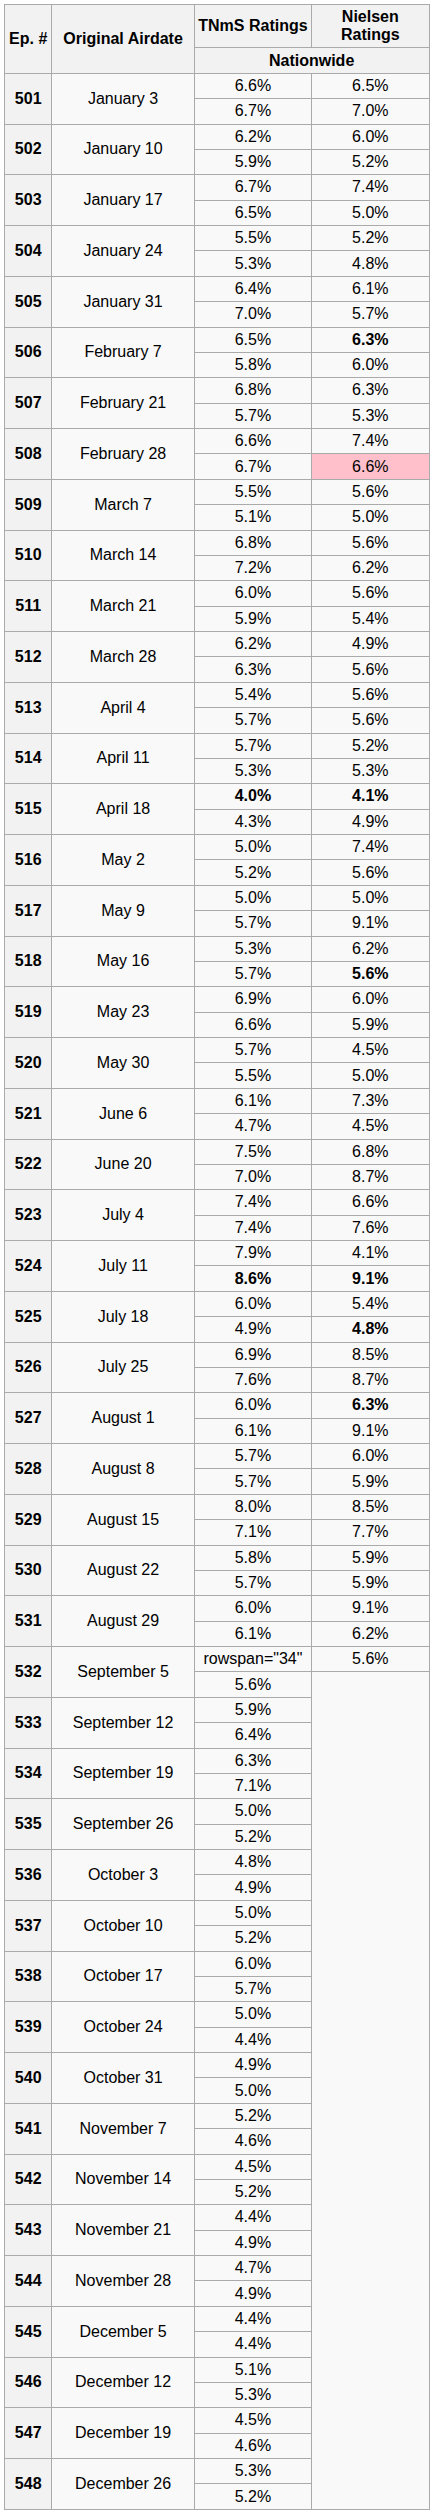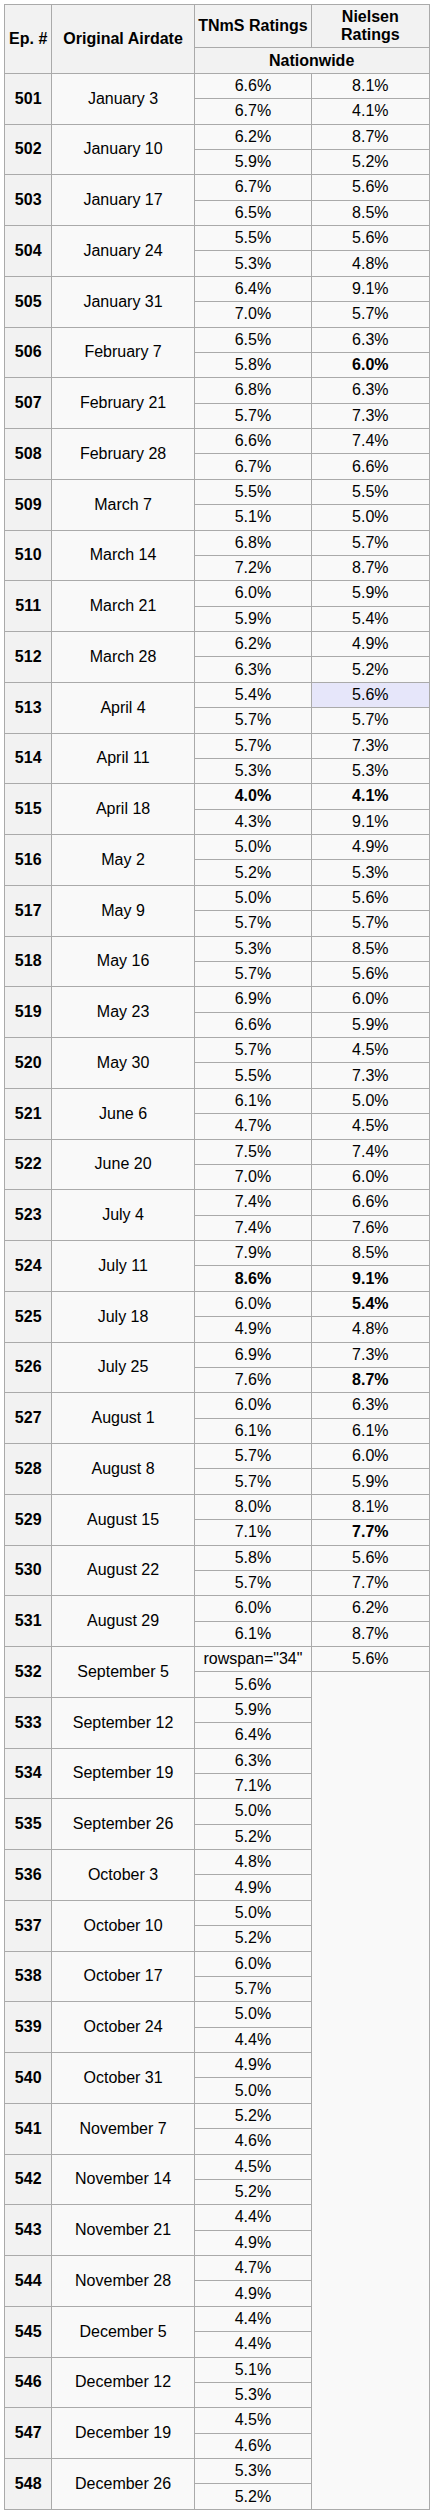 <table class="wikitable" style="text-align:center;">
 <tr>
 <th rowspan="2" style="width:40px;">Ep. #</th>
 <th rowspan="2" style="width:135px;">Original Airdate</th>
 <th width=110><strong>TNmS Ratings</strong></th>
 <th width=110><strong>Nielsen Ratings</strong></th>
 </tr>
 <tr>
 <th colspan="2"><strong>Nationwide</strong></th>
 </tr>
 <tr>
 <th rowspan="2">501</th>
 <td rowspan="2">January 3</td>
 <td>6.6%</td>
-<td>6.5%</td>
+<td>8.1%</td>
 </tr>
 <tr>
 <td>6.7%</td>
-<td>7.0%</td>
+<td>4.1%</td>
 </tr>
 <tr>
 <th rowspan="2">502</th>
 <td rowspan="2">January 10</td>
 <td>6.2%</td>
-<td>6.0%</td>
+<td>8.7%</td>
 </tr>
 <tr>
 <td>5.9%</td>
 <td>5.2%</td>
 </tr>
 <tr>
 <th rowspan="2">503</th>
 <td rowspan="2">January 17</td>
 <td>6.7%</td>
-<td>7.4%</td>
+<td>5.6%</td>
 </tr>
 <tr>
 <td>6.5%</td>
-<td>5.0%</td>
+<td>8.5%</td>
 </tr>
 <tr>
 <th rowspan="2">504</th>
 <td rowspan="2">January 24</td>
 <td>5.5%</td>
-<td>5.2%</td>
+<td>5.6%</td>
 </tr>
 <tr>
 <td>5.3%</td>
 <td>4.8%</td>
 </tr>
 <tr>
 <th rowspan="2">505</th>
 <td rowspan="2">January 31</td>
 <td>6.4%</td>
-<td>6.1%</td>
+<td>9.1%</td>
 </tr>
 <tr>
 <td>7.0%</td>
 <td>5.7%</td>
 </tr>
 <tr>
 <th rowspan="2">506</th>
 <td rowspan="2">February 7</td>
 <td>6.5%</td>
-<td><strong>6.3%</strong></td>
+<td>6.3%</td>
 </tr>
 <tr>
 <td>5.8%</td>
-<td>6.0%</td>
+<td><strong>6.0%</strong></td>
 </tr>
 <tr>
 <th rowspan="2">507</th>
 <td rowspan="2">February 21</td>
 <td>6.8%</td>
 <td>6.3%</td>
 </tr>
 <tr>
 <td>5.7%</td>
-<td>5.3%</td>
+<td>7.3%</td>
 </tr>
 <tr>
 <th rowspan="2">508</th>
 <td rowspan="2">February 28</td>
 <td>6.6%</td>
 <td>7.4%</td>
 </tr>
 <tr>
 <td>6.7%</td>
-<td style="background: pink;">6.6%</td>
+<td>6.6%</td>
 </tr>
 <tr>
 <th rowspan="2">509</th>
 <td rowspan="2">March 7</td>
 <td>5.5%</td>
-<td>5.6%</td>
+<td>5.5%</td>
 </tr>
 <tr>
 <td>5.1%</td>
 <td>5.0%</td>
 </tr>
 <tr>
 <th rowspan="2">510</th>
 <td rowspan="2">March 14</td>
 <td>6.8%</td>
-<td>5.6%</td>
+<td>5.7%</td>
 </tr>
 <tr>
 <td>7.2%</td>
-<td>6.2%</td>
+<td>8.7%</td>
 </tr>
 <tr>
 <th rowspan="2">511</th>
 <td rowspan="2">March 21</td>
 <td>6.0%</td>
-<td>5.6%</td>
+<td>5.9%</td>
 </tr>
 <tr>
 <td>5.9%</td>
 <td>5.4%</td>
 </tr>
 <tr>
 <th rowspan="2">512</th>
 <td rowspan="2">March 28</td>
 <td>6.2%</td>
 <td>4.9%</td>
 </tr>
 <tr>
 <td>6.3%</td>
-<td>5.6%</td>
+<td>5.2%</td>
 </tr>
 <tr>
 <th rowspan="2">513</th>
 <td rowspan="2">April 4</td>
 <td>5.4%</td>
-<td>5.6%</td>
+<td style="background: lavender;">5.6%</td>
 </tr>
 <tr>
 <td>5.7%</td>
-<td>5.6%</td>
+<td>5.7%</td>
 </tr>
 <tr>
 <th rowspan="2">514</th>
 <td rowspan="2">April 11</td>
 <td>5.7%</td>
-<td>5.2%</td>
+<td>7.3%</td>
 </tr>
 <tr>
 <td>5.3%</td>
 <td>5.3%</td>
 </tr>
 <tr>
 <th rowspan="2">515</th>
 <td rowspan="2">April 18</td>
 <td><span><strong>4.0%</strong></span></td>
 <td><span><strong>4.1%</strong></span></td>
 </tr>
 <tr>
 <td>4.3%</td>
-<td>4.9%</td>
+<td>9.1%</td>
 </tr>
 <tr>
 <th rowspan="2">516</th>
 <td rowspan="2">May 2</td>
 <td>5.0%</td>
-<td>7.4%</td>
+<td>4.9%</td>
 </tr>
 <tr>
 <td>5.2%</td>
-<td>5.6%</td>
+<td>5.3%</td>
 </tr>
 <tr>
 <th rowspan="2">517</th>
 <td rowspan="2">May 9</td>
 <td>5.0%</td>
-<td>5.0%</td>
+<td>5.6%</td>
 </tr>
 <tr>
 <td>5.7%</td>
-<td>9.1%</td>
+<td>5.7%</td>
 </tr>
 <tr>
 <th rowspan="2">518</th>
 <td rowspan="2">May 16</td>
 <td>5.3%</td>
-<td>6.2%</td>
+<td>8.5%</td>
 </tr>
 <tr>
 <td>5.7%</td>
-<td><strong>5.6%</strong></td>
+<td>5.6%</td>
 </tr>
 <tr>
 <th rowspan="2">519</th>
 <td rowspan="2">May 23</td>
 <td>6.9%</td>
 <td>6.0%</td>
 </tr>
 <tr>
 <td>6.6%</td>
 <td>5.9%</td>
 </tr>
 <tr>
 <th rowspan="2">520</th>
 <td rowspan="2">May 30</td>
 <td>5.7%</td>
 <td>4.5%</td>
 </tr>
 <tr>
 <td>5.5%</td>
-<td>5.0%</td>
+<td>7.3%</td>
 </tr>
 <tr>
 <th rowspan="2">521</th>
 <td rowspan="2">June 6</td>
 <td>6.1%</td>
-<td>7.3%</td>
+<td>5.0%</td>
 </tr>
 <tr>
 <td>4.7%</td>
 <td>4.5%</td>
 </tr>
 <tr>
 <th rowspan="2">522</th>
 <td rowspan="2">June 20</td>
 <td>7.5%</td>
-<td>6.8%</td>
+<td>7.4%</td>
 </tr>
 <tr>
 <td>7.0%</td>
-<td>8.7%</td>
+<td>6.0%</td>
 </tr>
 <tr>
 <th rowspan="2">523</th>
 <td rowspan="2">July 4</td>
 <td>7.4%</td>
 <td>6.6%</td>
 </tr>
 <tr>
 <td>7.4%</td>
 <td>7.6%</td>
 </tr>
 <tr>
 <th rowspan="2">524</th>
 <td rowspan="2">July 11</td>
 <td>7.9%</td>
-<td>4.1%</td>
+<td>8.5%</td>
 </tr>
 <tr>
 <td><span><strong>8.6%</strong></span></td>
 <td><span><strong>9.1%</strong></span></td>
 </tr>
 <tr>
 <th rowspan="2">525</th>
 <td rowspan="2">July 18</td>
 <td>6.0%</td>
-<td>5.4%</td>
+<td><strong>5.4%</strong></td>
 </tr>
 <tr>
 <td>4.9%</td>
-<td><strong>4.8%</strong></td>
+<td>4.8%</td>
 </tr>
 <tr>
 <th rowspan="2">526</th>
 <td rowspan="2">July 25</td>
 <td>6.9%</td>
-<td>8.5%</td>
+<td>7.3%</td>
 </tr>
 <tr>
 <td>7.6%</td>
-<td>8.7%</td>
+<td><strong>8.7%</strong></td>
 </tr>
 <tr>
 <th rowspan="2">527</th>
 <td rowspan="2">August 1</td>
 <td>6.0%</td>
-<td><strong>6.3%</strong></td>
+<td>6.3%</td>
 </tr>
 <tr>
 <td>6.1%</td>
-<td>9.1%</td>
+<td>6.1%</td>
 </tr>
 <tr>
 <th rowspan="2">528</th>
 <td rowspan="2">August 8</td>
 <td>5.7%</td>
 <td>6.0%</td>
 </tr>
 <tr>
 <td>5.7%</td>
 <td>5.9%</td>
 </tr>
 <tr>
 <th rowspan="2">529</th>
 <td rowspan="2">August 15</td>
 <td>8.0%</td>
-<td>8.5%</td>
+<td>8.1%</td>
 </tr>
 <tr>
 <td>7.1%</td>
-<td>7.7%</td>
+<td><strong>7.7%</strong></td>
 </tr>
 <tr>
 <th rowspan="2">530</th>
 <td rowspan="2">August 22</td>
 <td>5.8%</td>
-<td>5.9%</td>
+<td>5.6%</td>
 </tr>
 <tr>
 <td>5.7%</td>
-<td>5.9%</td>
+<td>7.7%</td>
 </tr>
 <tr>
 <th rowspan="2">531</th>
 <td rowspan="2">August 29</td>
 <td>6.0%</td>
-<td>9.1%</td>
+<td>6.2%</td>
 </tr>
 <tr>
 <td>6.1%</td>
-<td>6.2%</td>
+<td>8.7%</td>
 </tr>
 <tr>
 <th rowspan="2">532</th>
 <td rowspan="2">September 5</td>
 <td>rowspan="34" </td>
 <td>5.6%</td>
 </tr>
 <tr>
 <td>5.6%</td>
 </tr>
 <tr>
 <th rowspan="2">533</th>
 <td rowspan="2">September 12</td>
 <td>5.9%</td>
 </tr>
 <tr>
 <td>6.4%</td>
 </tr>
 <tr>
 <th rowspan="2">534</th>
 <td rowspan="2">September 19</td>
 <td>6.3%</td>
 </tr>
 <tr>
 <td>7.1%</td>
 </tr>
 <tr>
 <th rowspan="2">535</th>
 <td rowspan="2">September 26</td>
 <td>5.0%</td>
 </tr>
 <tr>
 <td>5.2%</td>
 </tr>
 <tr>
 <th rowspan="2">536</th>
 <td rowspan="2">October 3</td>
 <td>4.8%</td>
 </tr>
 <tr>
 <td>4.9%</td>
 </tr>
 <tr>
 <th rowspan="2">537</th>
 <td rowspan="2">October 10</td>
 <td>5.0%</td>
 </tr>
 <tr>
 <td>5.2%</td>
 </tr>
 <tr>
 <th rowspan="2">538</th>
 <td rowspan="2">October 17</td>
 <td>6.0%</td>
 </tr>
 <tr>
 <td>5.7%</td>
 </tr>
 <tr>
 <th rowspan="2">539</th>
 <td rowspan="2">October 24</td>
 <td>5.0%</td>
 </tr>
 <tr>
 <td>4.4%</td>
 </tr>
 <tr>
 <th rowspan="2">540</th>
 <td rowspan="2">October 31</td>
 <td>4.9%</td>
 </tr>
 <tr>
 <td>5.0%</td>
 </tr>
 <tr>
 <th rowspan="2">541</th>
 <td rowspan="2">November 7</td>
 <td>5.2%</td>
 </tr>
 <tr>
 <td>4.6%</td>
 </tr>
 <tr>
 <th rowspan="2">542</th>
 <td rowspan="2">November 14</td>
 <td>4.5%</td>
 </tr>
 <tr>
 <td>5.2%</td>
 </tr>
 <tr>
 <th rowspan="2">543</th>
 <td rowspan="2">November 21</td>
 <td>4.4%</td>
 </tr>
 <tr>
 <td>4.9%</td>
 </tr>
 <tr>
 <th rowspan="2">544</th>
 <td rowspan="2">November 28</td>
 <td>4.7%</td>
 </tr>
 <tr>
 <td>4.9%</td>
 </tr>
 <tr>
 <th rowspan="2">545</th>
 <td rowspan="2">December 5</td>
 <td>4.4%</td>
 </tr>
 <tr>
 <td>4.4%</td>
 </tr>
 <tr>
 <th rowspan="2">546</th>
 <td rowspan="2">December 12</td>
 <td>5.1%</td>
 </tr>
 <tr>
 <td>5.3%</td>
 </tr>
 <tr>
 <th rowspan="2">547</th>
 <td rowspan="2">December 19</td>
 <td>4.5%</td>
 </tr>
 <tr>
 <td>4.6%</td>
 </tr>
 <tr>
 <th rowspan="2">548</th>
 <td rowspan="2">December 26</td>
 <td>5.3%</td>
 </tr>
 <tr>
 <td>5.2%</td>
 </tr>
 <tr>
 </tr>
 </table>
